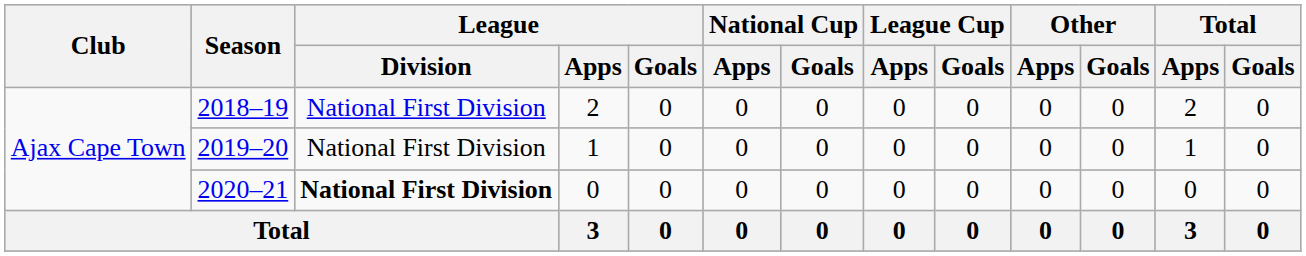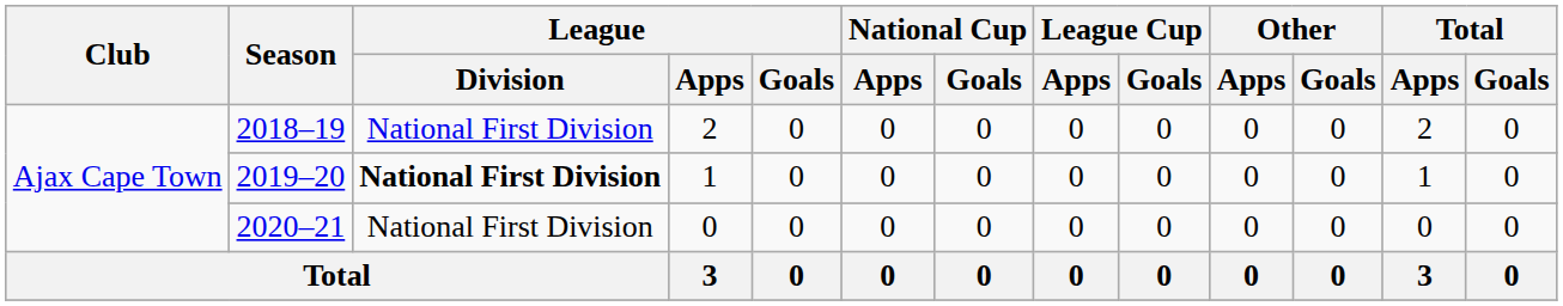 <table class="wikitable" style="text-align: center">
 <tr>
 <th rowspan="2">Club</th>
 <th rowspan="2">Season</th>
 <th colspan="3">League</th>
 <th colspan="2">National Cup</th>
 <th colspan="2">League Cup</th>
 <th colspan="2">Other</th>
 <th colspan="2">Total</th>
 </tr>
 <tr>
 <th>Division</th>
 <th>Apps</th>
 <th>Goals</th>
 <th>Apps</th>
 <th>Goals</th>
 <th>Apps</th>
 <th>Goals</th>
 <th>Apps</th>
 <th>Goals</th>
 <th>Apps</th>
 <th>Goals</th>
 </tr>
 <tr>
 <td rowspan="3"><a href='#'>Ajax Cape Town</a></td>
 <td><a href='#'>2018–19</a></td>
 <td><a href='#'>National First Division</a></td>
 <td>2</td>
 <td>0</td>
 <td>0</td>
 <td>0</td>
 <td>0</td>
 <td>0</td>
 <td>0</td>
 <td>0</td>
 <td>2</td>
 <td>0</td>
 </tr>
 <tr>
 <td><a href='#'>2019–20</a></td>
-<td>National First Division</td>
+<td><strong>National First Division</strong></td>
 <td>1</td>
 <td>0</td>
 <td>0</td>
 <td>0</td>
 <td>0</td>
 <td>0</td>
 <td>0</td>
 <td>0</td>
 <td>1</td>
 <td>0</td>
 </tr>
 <tr>
 <td><a href='#'>2020–21</a></td>
-<td><strong>National First Division</strong></td>
+<td>National First Division</td>
 <td>0</td>
 <td>0</td>
 <td>0</td>
 <td>0</td>
 <td>0</td>
 <td>0</td>
 <td>0</td>
 <td>0</td>
 <td>0</td>
 <td>0</td>
 </tr>
 <tr>
 <th colspan="3">Total</th>
 <th>3</th>
 <th>0</th>
 <th>0</th>
 <th>0</th>
 <th>0</th>
 <th>0</th>
 <th>0</th>
 <th>0</th>
 <th>3</th>
 <th>0</th>
 </tr>
 </table>
